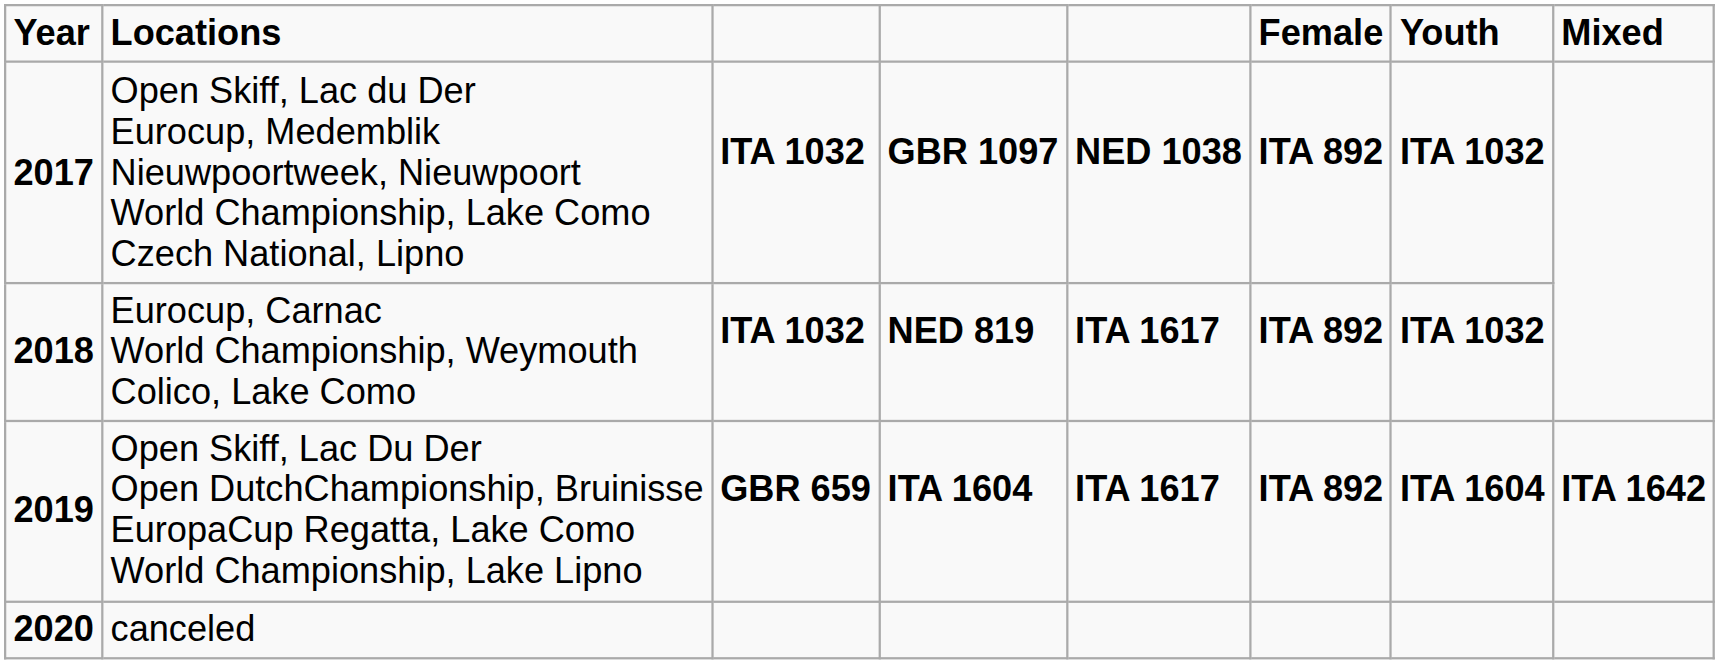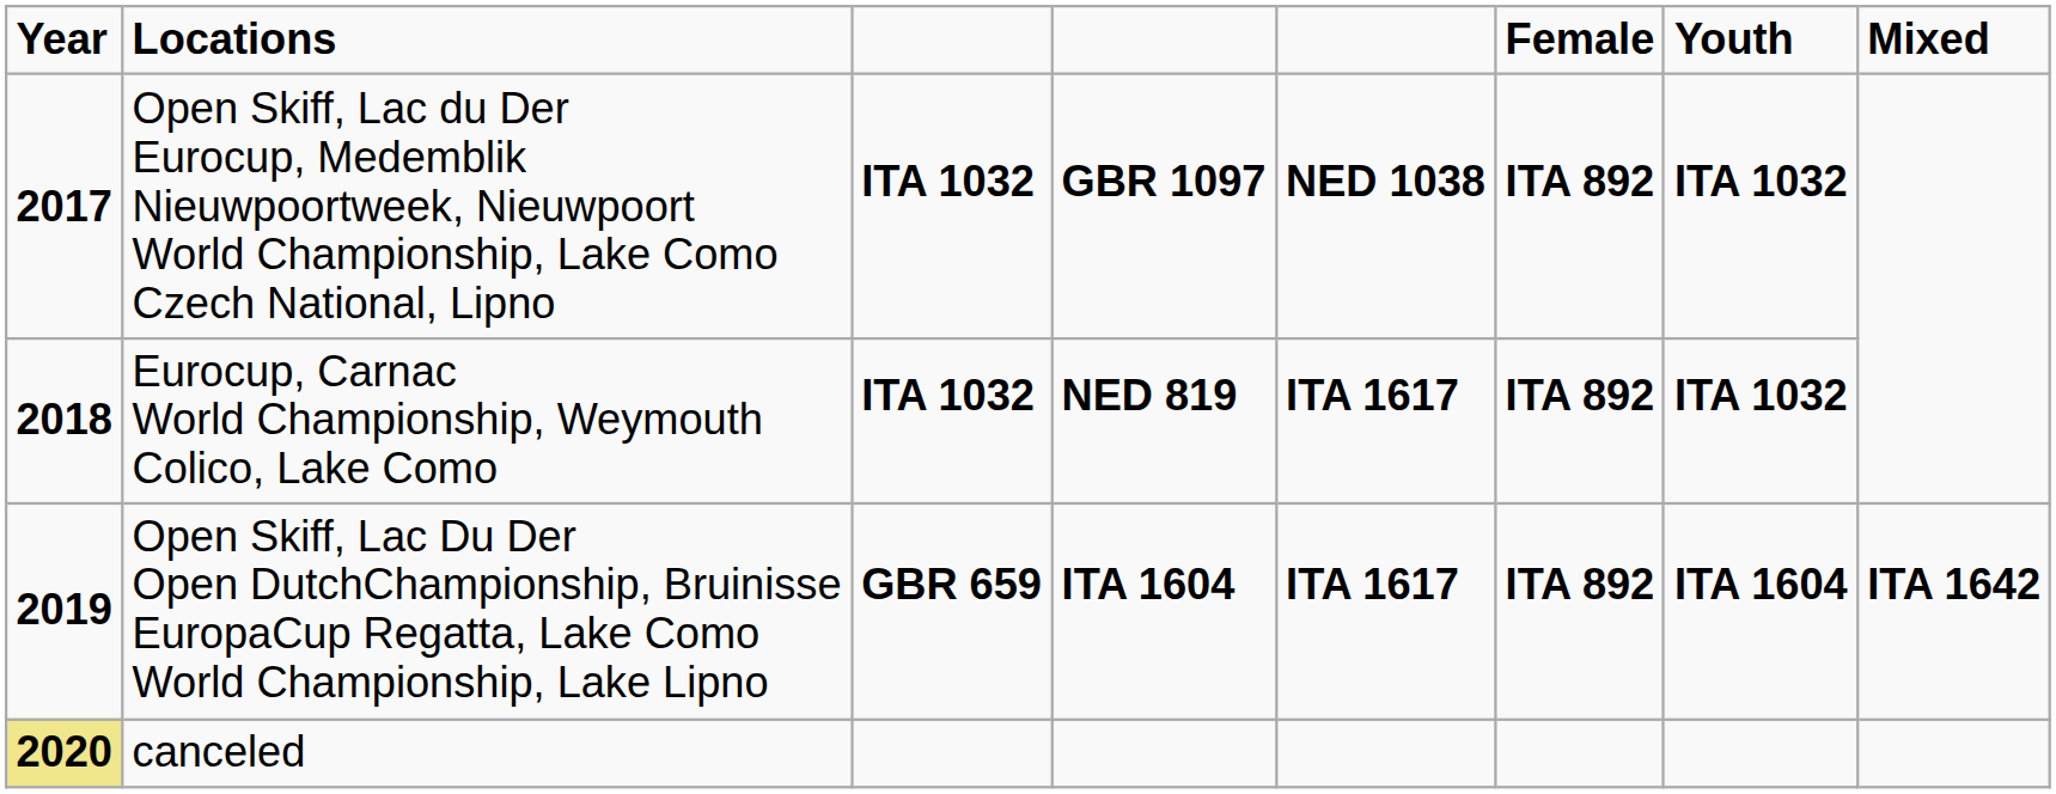 <table class="wikitable sortable">
 <tr>
 <td><strong>Year</strong></td>
 <td><strong>Locations</strong></td>
 <td></td>
 <td></td>
 <td></td>
 <td><strong>Female</strong></td>
 <td><strong>Youth</strong></td>
 <td><strong>Mixed</strong></td>
 </tr>
 <tr>
 <td><strong>2017</strong></td>
 <td>Open Skiff, Lac du Der <br> Eurocup, Medemblik <br> Nieuwpoortweek, Nieuwpoort <br> World Championship, Lake Como <br> Czech National, Lipno</td>
 <td> <strong>ITA 1032</strong><br><br></td>
 <td> <strong>GBR 1097</strong><br><br></td>
 <td> <strong>NED 1038</strong><br><br></td>
 <td> <strong>ITA 892</strong><br><br></td>
 <td> <strong>ITA 1032</strong><br><br></td>
 </tr>
 <tr>
 <td><strong>2018</strong></td>
 <td>Eurocup, Carnac <br> World Championship, Weymouth <br> Colico, Lake Como</td>
 <td> <strong>ITA 1032</strong><br><br></td>
 <td> <strong>NED 819</strong><br><br></td>
 <td> <strong>ITA 1617</strong><br><br></td>
 <td> <strong>ITA 892</strong><br><br></td>
 <td> <strong>ITA 1032</strong><br><br></td>
 </tr>
 <tr>
 <td><strong>2019</strong></td>
 <td>Open Skiff, Lac Du Der <br> Open DutchChampionship, Bruinisse  <br> EuropaCup Regatta, Lake Como  <br> World Championship, Lake Lipno</td>
 <td> <strong>GBR 659</strong><br><br></td>
 <td> <strong>ITA 1604</strong><br><br></td>
 <td> <strong>ITA 1617</strong><br><br></td>
 <td> <strong>ITA 892</strong><br><br></td>
 <td> <strong>ITA 1604</strong><br><br></td>
 <td> <strong>ITA 1642</strong><br><br></td>
 </tr>
 <tr>
-<td><strong>2020</strong></td>
+<td style="background: khaki;"><strong>2020</strong></td>
 <td>canceled</td>
 <td></td>
 <td></td>
 <td></td>
 <td></td>
 <td></td>
 </tr>
 </table>
